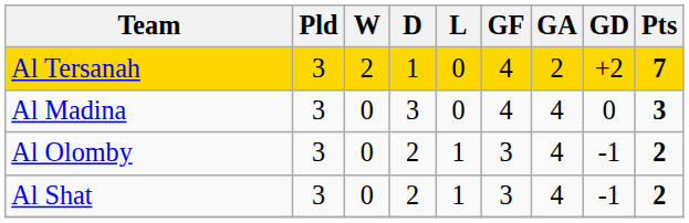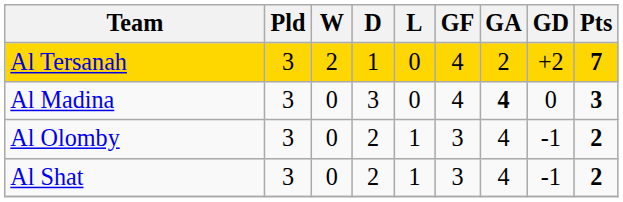 <table class="wikitable" style="text-align:center;">
 <tr>
 <th width=165>Team</th>
 <th width=20>Pld</th>
 <th width=20>W</th>
 <th width=20>D</th>
 <th width=20>L</th>
 <th width=20>GF</th>
 <th width=20>GA</th>
 <th width=20>GD</th>
 <th width=20>Pts</th>
 </tr>
 <tr style="background: #FFD700;">
 <td style="text-align:left;"><a href='#'>Al Tersanah</a></td>
 <td>3</td>
 <td>2</td>
 <td>1</td>
 <td>0</td>
 <td>4</td>
 <td>2</td>
 <td>+2</td>
 <td><strong>7</strong></td>
 </tr>
 <tr>
 <td style="text-align:left;"><a href='#'>Al Madina</a></td>
 <td>3</td>
 <td>0</td>
 <td>3</td>
 <td>0</td>
 <td>4</td>
-<td>4</td>
+<td><strong>4</strong></td>
 <td>0</td>
 <td><strong>3</strong></td>
 </tr>
 <tr>
 <td style="text-align:left;"><a href='#'>Al Olomby</a></td>
 <td>3</td>
 <td>0</td>
 <td>2</td>
 <td>1</td>
 <td>3</td>
 <td>4</td>
 <td>-1</td>
 <td><strong>2</strong></td>
 </tr>
 <tr>
 <td style="text-align:left;"><a href='#'>Al Shat</a></td>
 <td>3</td>
 <td>0</td>
 <td>2</td>
 <td>1</td>
 <td>3</td>
 <td>4</td>
 <td>-1</td>
 <td><strong>2</strong></td>
 </tr>
 <tr>
 </tr>
 </table>
